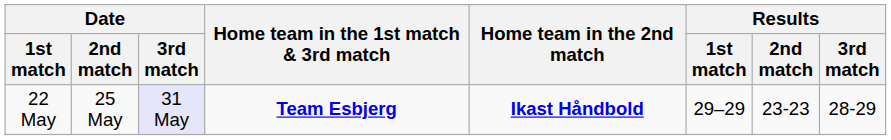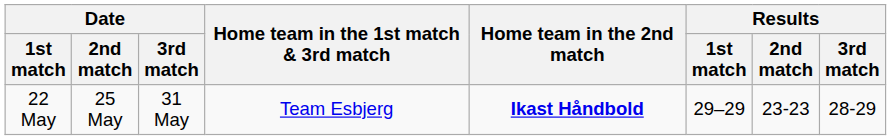 <table class="wikitable" style="text-align:center; margin-left:1em;">
 <tr>
 <th colspan="3">Date</th>
 <th rowspan="2" style="width:220px;">Home team in the 1st match & 3rd match</th>
 <th rowspan="2" style="width:180px;">Home team in the 2nd match</th>
 <th colspan="3">Results</th>
 </tr>
 <tr>
 <th style="width:50px;">1st match</th>
 <th style="width:50px;">2nd match</th>
 <th style="width:50px;">3rd match</th>
 <th style="width:50px;">1st match</th>
 <th style="width:50px;">2nd match</th>
 <th style="width:50px;">3rd match</th>
 </tr>
 <tr>
 <td>22 May</td>
 <td>25 May</td>
-<td style="background: lavender;">31 May</td>
-<td><strong><a href='#'>Team Esbjerg</a></strong></td>
+<td>31 May</td>
+<td><a href='#'>Team Esbjerg</a></td>
 <td><strong><a href='#'>Ikast Håndbold</a></strong></td>
 <td>29–29</td>
 <td>23-23</td>
 <td>28-29</td>
 </tr>
 </table>
